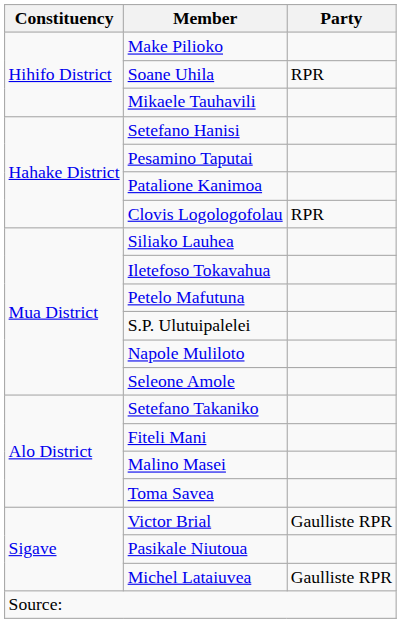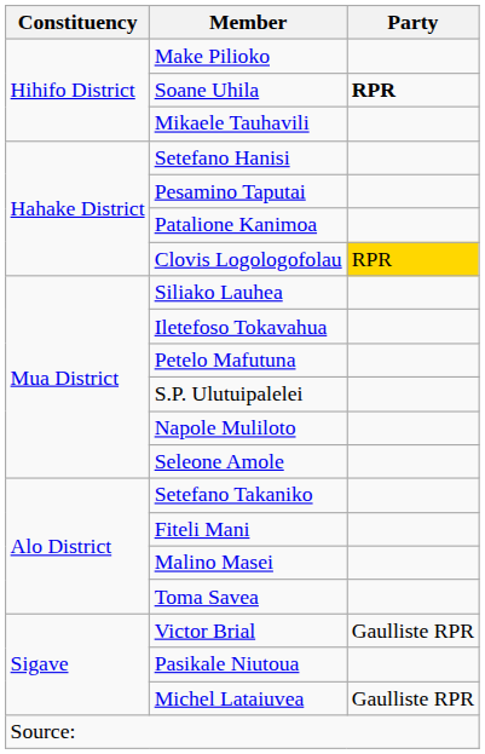 <table class=wikitable>
 <tr>
 <th>Constituency</th>
 <th>Member</th>
 <th>Party</th>
 </tr>
 <tr>
 <td rowspan=3><a href='#'>Hihifo District</a></td>
 <td><a href='#'>Make Pilioko</a></td>
 <td></td>
 </tr>
 <tr>
 <td><a href='#'>Soane Uhila</a></td>
-<td>RPR</td>
+<td><strong>RPR</strong></td>
 </tr>
 <tr>
 <td><a href='#'>Mikaele Tauhavili</a></td>
 <td></td>
 </tr>
 <tr>
 <td rowspan=4><a href='#'>Hahake District</a></td>
 <td><a href='#'>Setefano Hanisi</a></td>
 <td></td>
 </tr>
 <tr>
 <td><a href='#'>Pesamino Taputai</a></td>
 <td></td>
 </tr>
 <tr>
 <td><a href='#'>Patalione Kanimoa</a></td>
 <td></td>
 </tr>
 <tr>
 <td><a href='#'>Clovis Logologofolau</a></td>
-<td>RPR</td>
+<td style="background: gold;">RPR</td>
 </tr>
 <tr>
 <td rowspan=6><a href='#'>Mua District</a></td>
 <td><a href='#'>Siliako Lauhea</a></td>
 <td></td>
 </tr>
 <tr>
 <td><a href='#'>Iletefoso Tokavahua</a></td>
 <td></td>
 </tr>
 <tr>
 <td><a href='#'>Petelo Mafutuna</a></td>
 <td></td>
 </tr>
 <tr>
 <td>S.P. Ulutuipalelei</td>
 <td></td>
 </tr>
 <tr>
 <td><a href='#'>Napole Muliloto</a></td>
 <td></td>
 </tr>
 <tr>
 <td><a href='#'>Seleone Amole</a></td>
 <td></td>
 </tr>
 <tr>
 <td rowspan=4><a href='#'>Alo District</a></td>
 <td><a href='#'>Setefano Takaniko</a></td>
 <td></td>
 </tr>
 <tr>
 <td><a href='#'>Fiteli Mani</a></td>
 <td></td>
 </tr>
 <tr>
 <td><a href='#'>Malino Masei</a></td>
 <td></td>
 </tr>
 <tr>
 <td><a href='#'>Toma Savea</a></td>
 <td></td>
 </tr>
 <tr>
 <td rowspan=3><a href='#'>Sigave</a></td>
 <td><a href='#'>Victor Brial</a></td>
 <td>Gaulliste RPR</td>
 </tr>
 <tr>
 <td><a href='#'>Pasikale Niutoua</a></td>
 <td></td>
 </tr>
 <tr>
 <td><a href='#'>Michel Lataiuvea</a></td>
 <td>Gaulliste RPR</td>
 </tr>
 <tr>
 <td colspan=3>Source:</td>
 </tr>
 </table>
